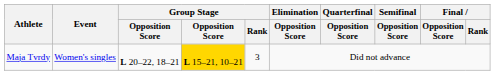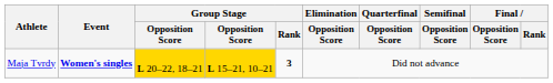 <table class="wikitable" style="font-size:90%">
 <tr>
 <th rowspan=2>Athlete</th>
 <th rowspan=2>Event</th>
 <th colspan=3>Group Stage</th>
 <th>Elimination</th>
 <th>Quarterfinal</th>
 <th>Semifinal</th>
 <th colspan=2>Final / </th>
 </tr>
 <tr style="font-size:95%">
 <th>Opposition<br>Score</th>
 <th>Opposition<br>Score</th>
 <th>Rank</th>
 <th>Opposition<br>Score</th>
 <th>Opposition<br>Score</th>
 <th>Opposition<br>Score</th>
 <th>Opposition<br>Score</th>
 <th>Rank</th>
 </tr>
 <tr align=center>
 <td align=left><a href='#'>Maja Tvrdy</a></td>
-<td align=left><a href='#'>Women's singles</a></td>
-<td><br><strong>L</strong> 20–22, 18–21</td>
+<td align=left><strong><a href='#'>Women's singles</a></strong></td>
+<td style="background: gold;"><br><strong>L</strong> 20–22, 18–21</td>
 <td style="background: gold;"><br><strong>L</strong> 15–21, 10–21</td>
-<td>3</td>
+<td><strong>3</strong></td>
 <td colspan=5>Did not advance</td>
 </tr>
 </table>
